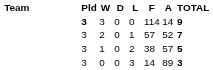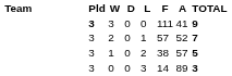 <table>
 <tr>
 <td><br></td>
 </tr>
 <tr border=1 cellpadding=5 cellspacing=0>
 <th width="200">Team</th>
 <th width="20">Pld</th>
 <th width="20">W</th>
 <th width="20">D</th>
 <th width="20">L</th>
 <th width="20">F</th>
 <th width="20">A</th>
 <th width="20">TOTAL</th>
 </tr>
 <tr>
 <td align=left></td>
 <td><strong>3</strong></td>
 <td>3</td>
 <td>0</td>
 <td>0</td>
-<td>114</td>
-<td>14</td>
+<td>111</td>
+<td>41</td>
 <td><strong>9</strong></td>
 </tr>
 <tr>
 <td align=left></td>
 <td>3</td>
 <td>2</td>
 <td>0</td>
 <td>1</td>
 <td>57</td>
 <td>52</td>
 <td><strong>7</strong></td>
 </tr>
 <tr>
 <td align=left></td>
 <td>3</td>
 <td>1</td>
 <td>0</td>
 <td>2</td>
 <td>38</td>
 <td>57</td>
 <td><strong>5</strong></td>
 </tr>
 <tr>
 <td align=left></td>
 <td>3</td>
 <td>0</td>
 <td>0</td>
 <td>3</td>
 <td>14</td>
 <td>89</td>
 <td><strong>3</strong></td>
 </tr>
 </table>
